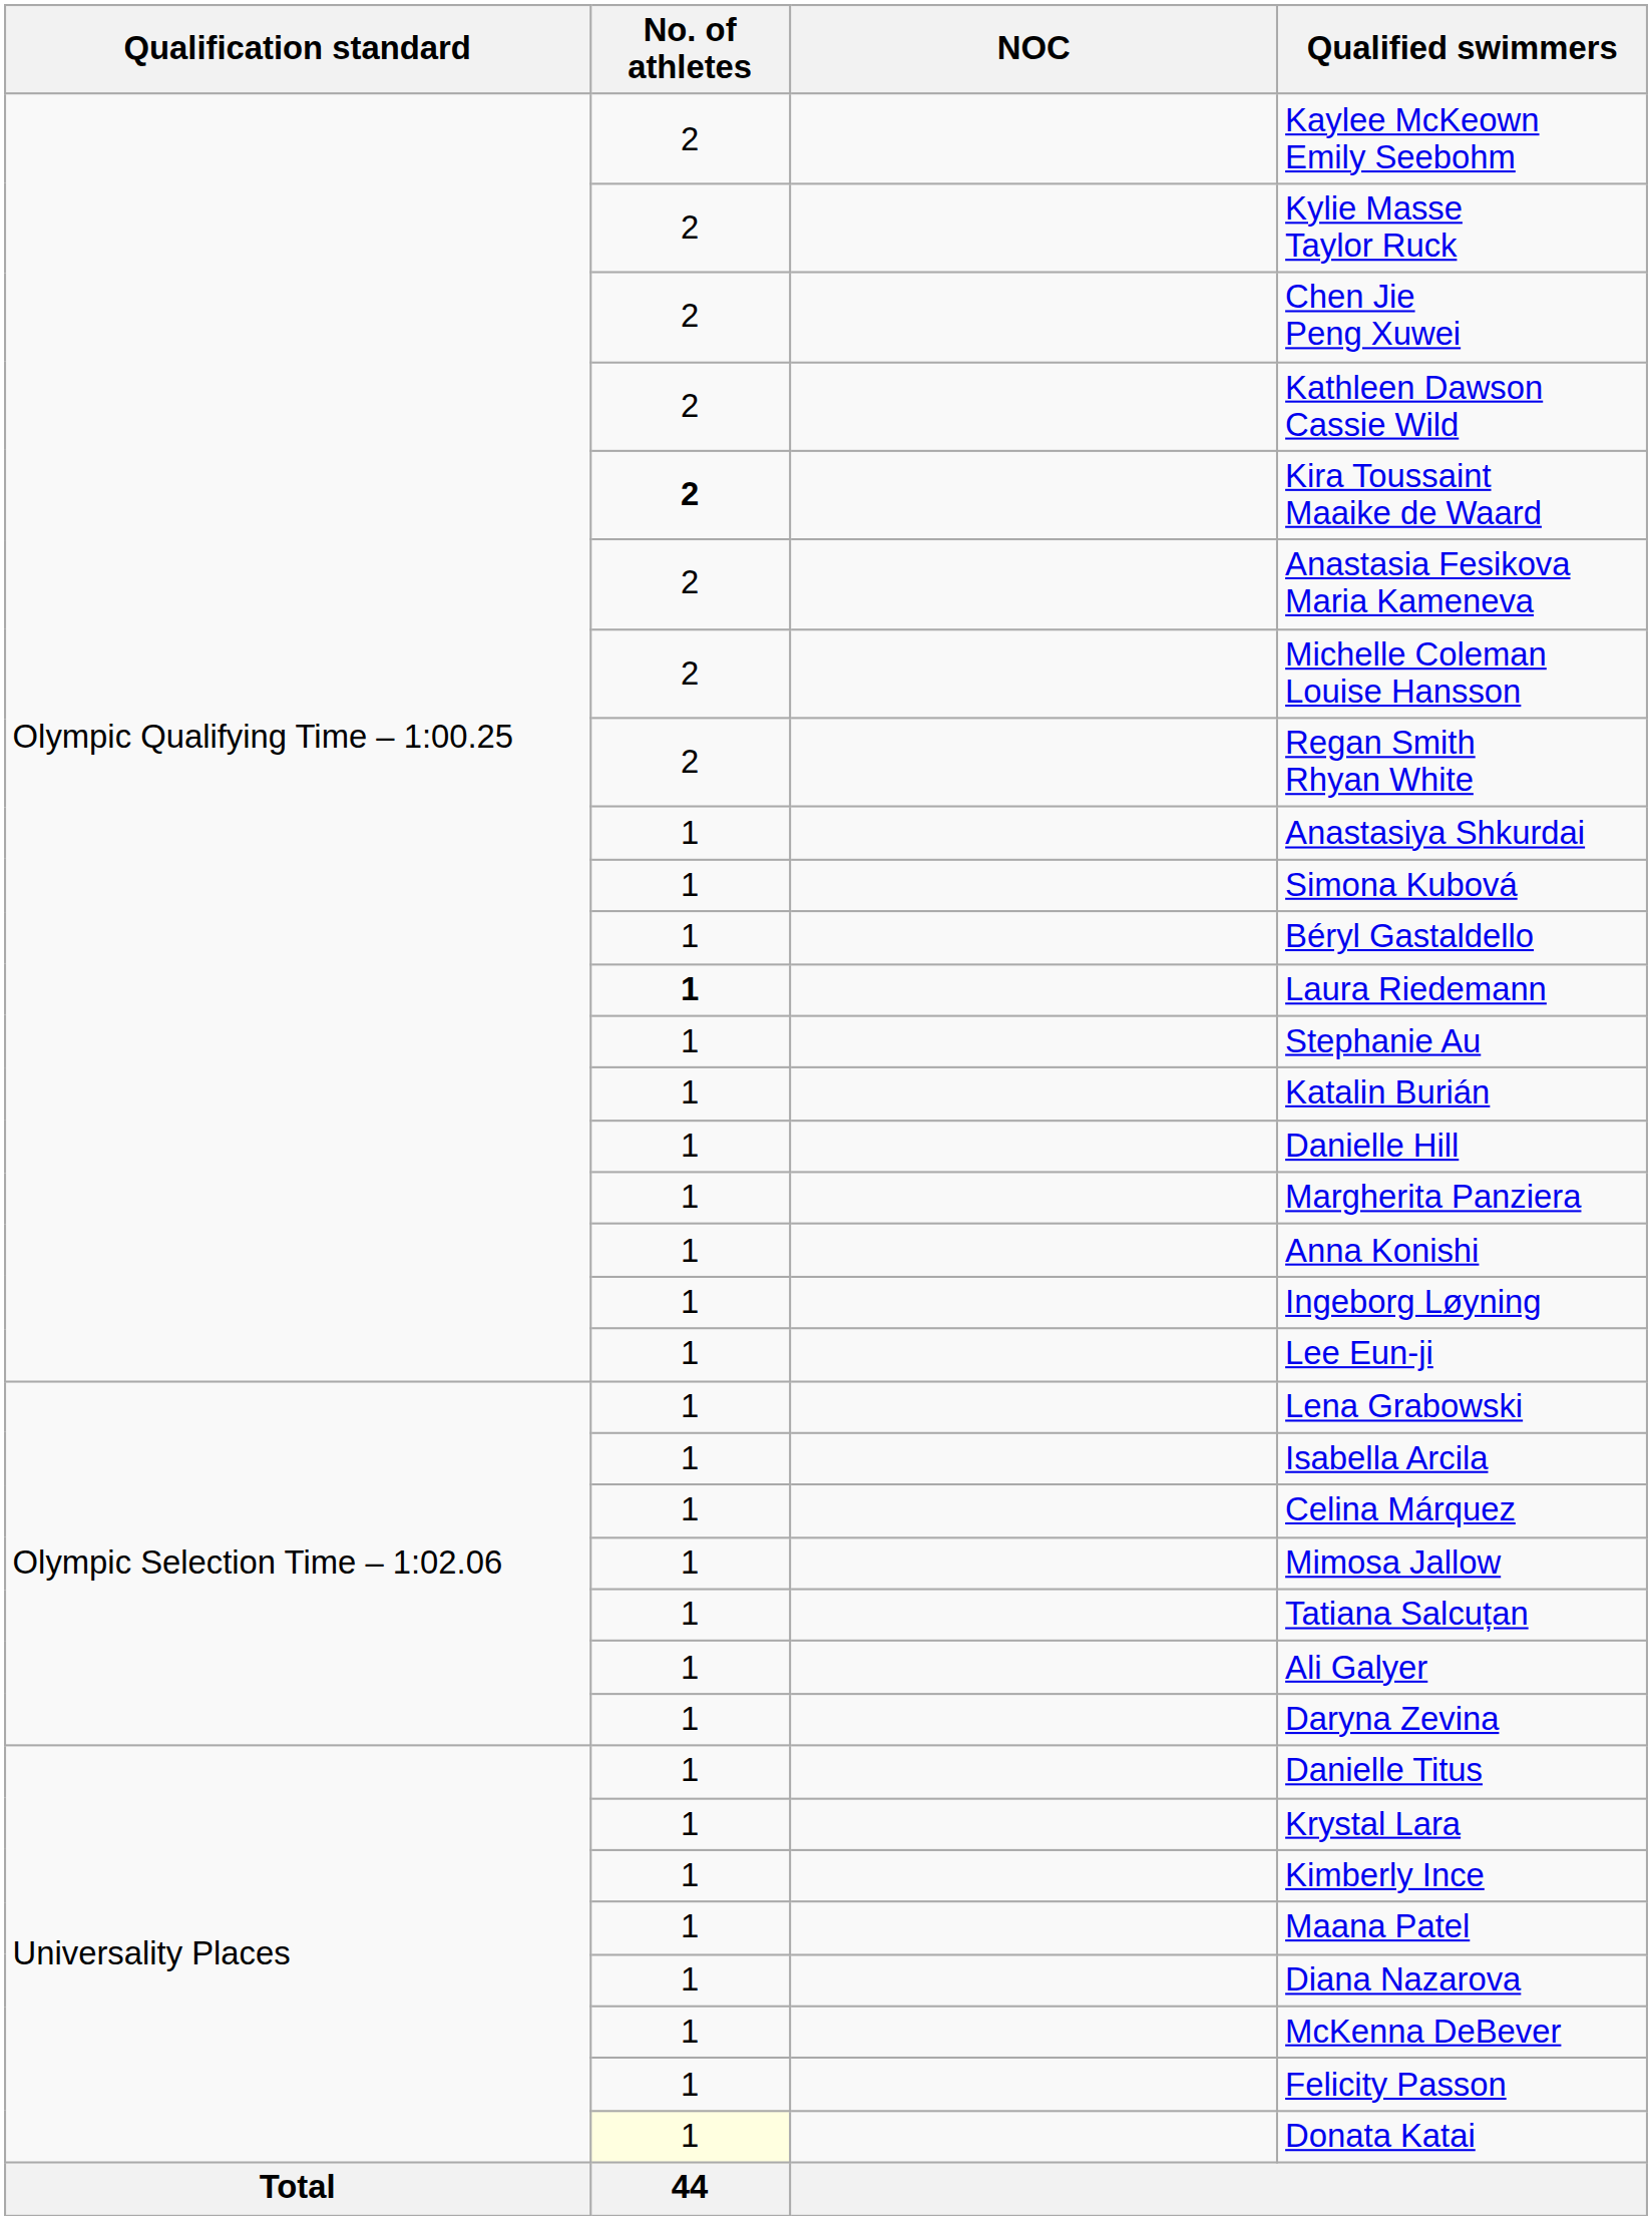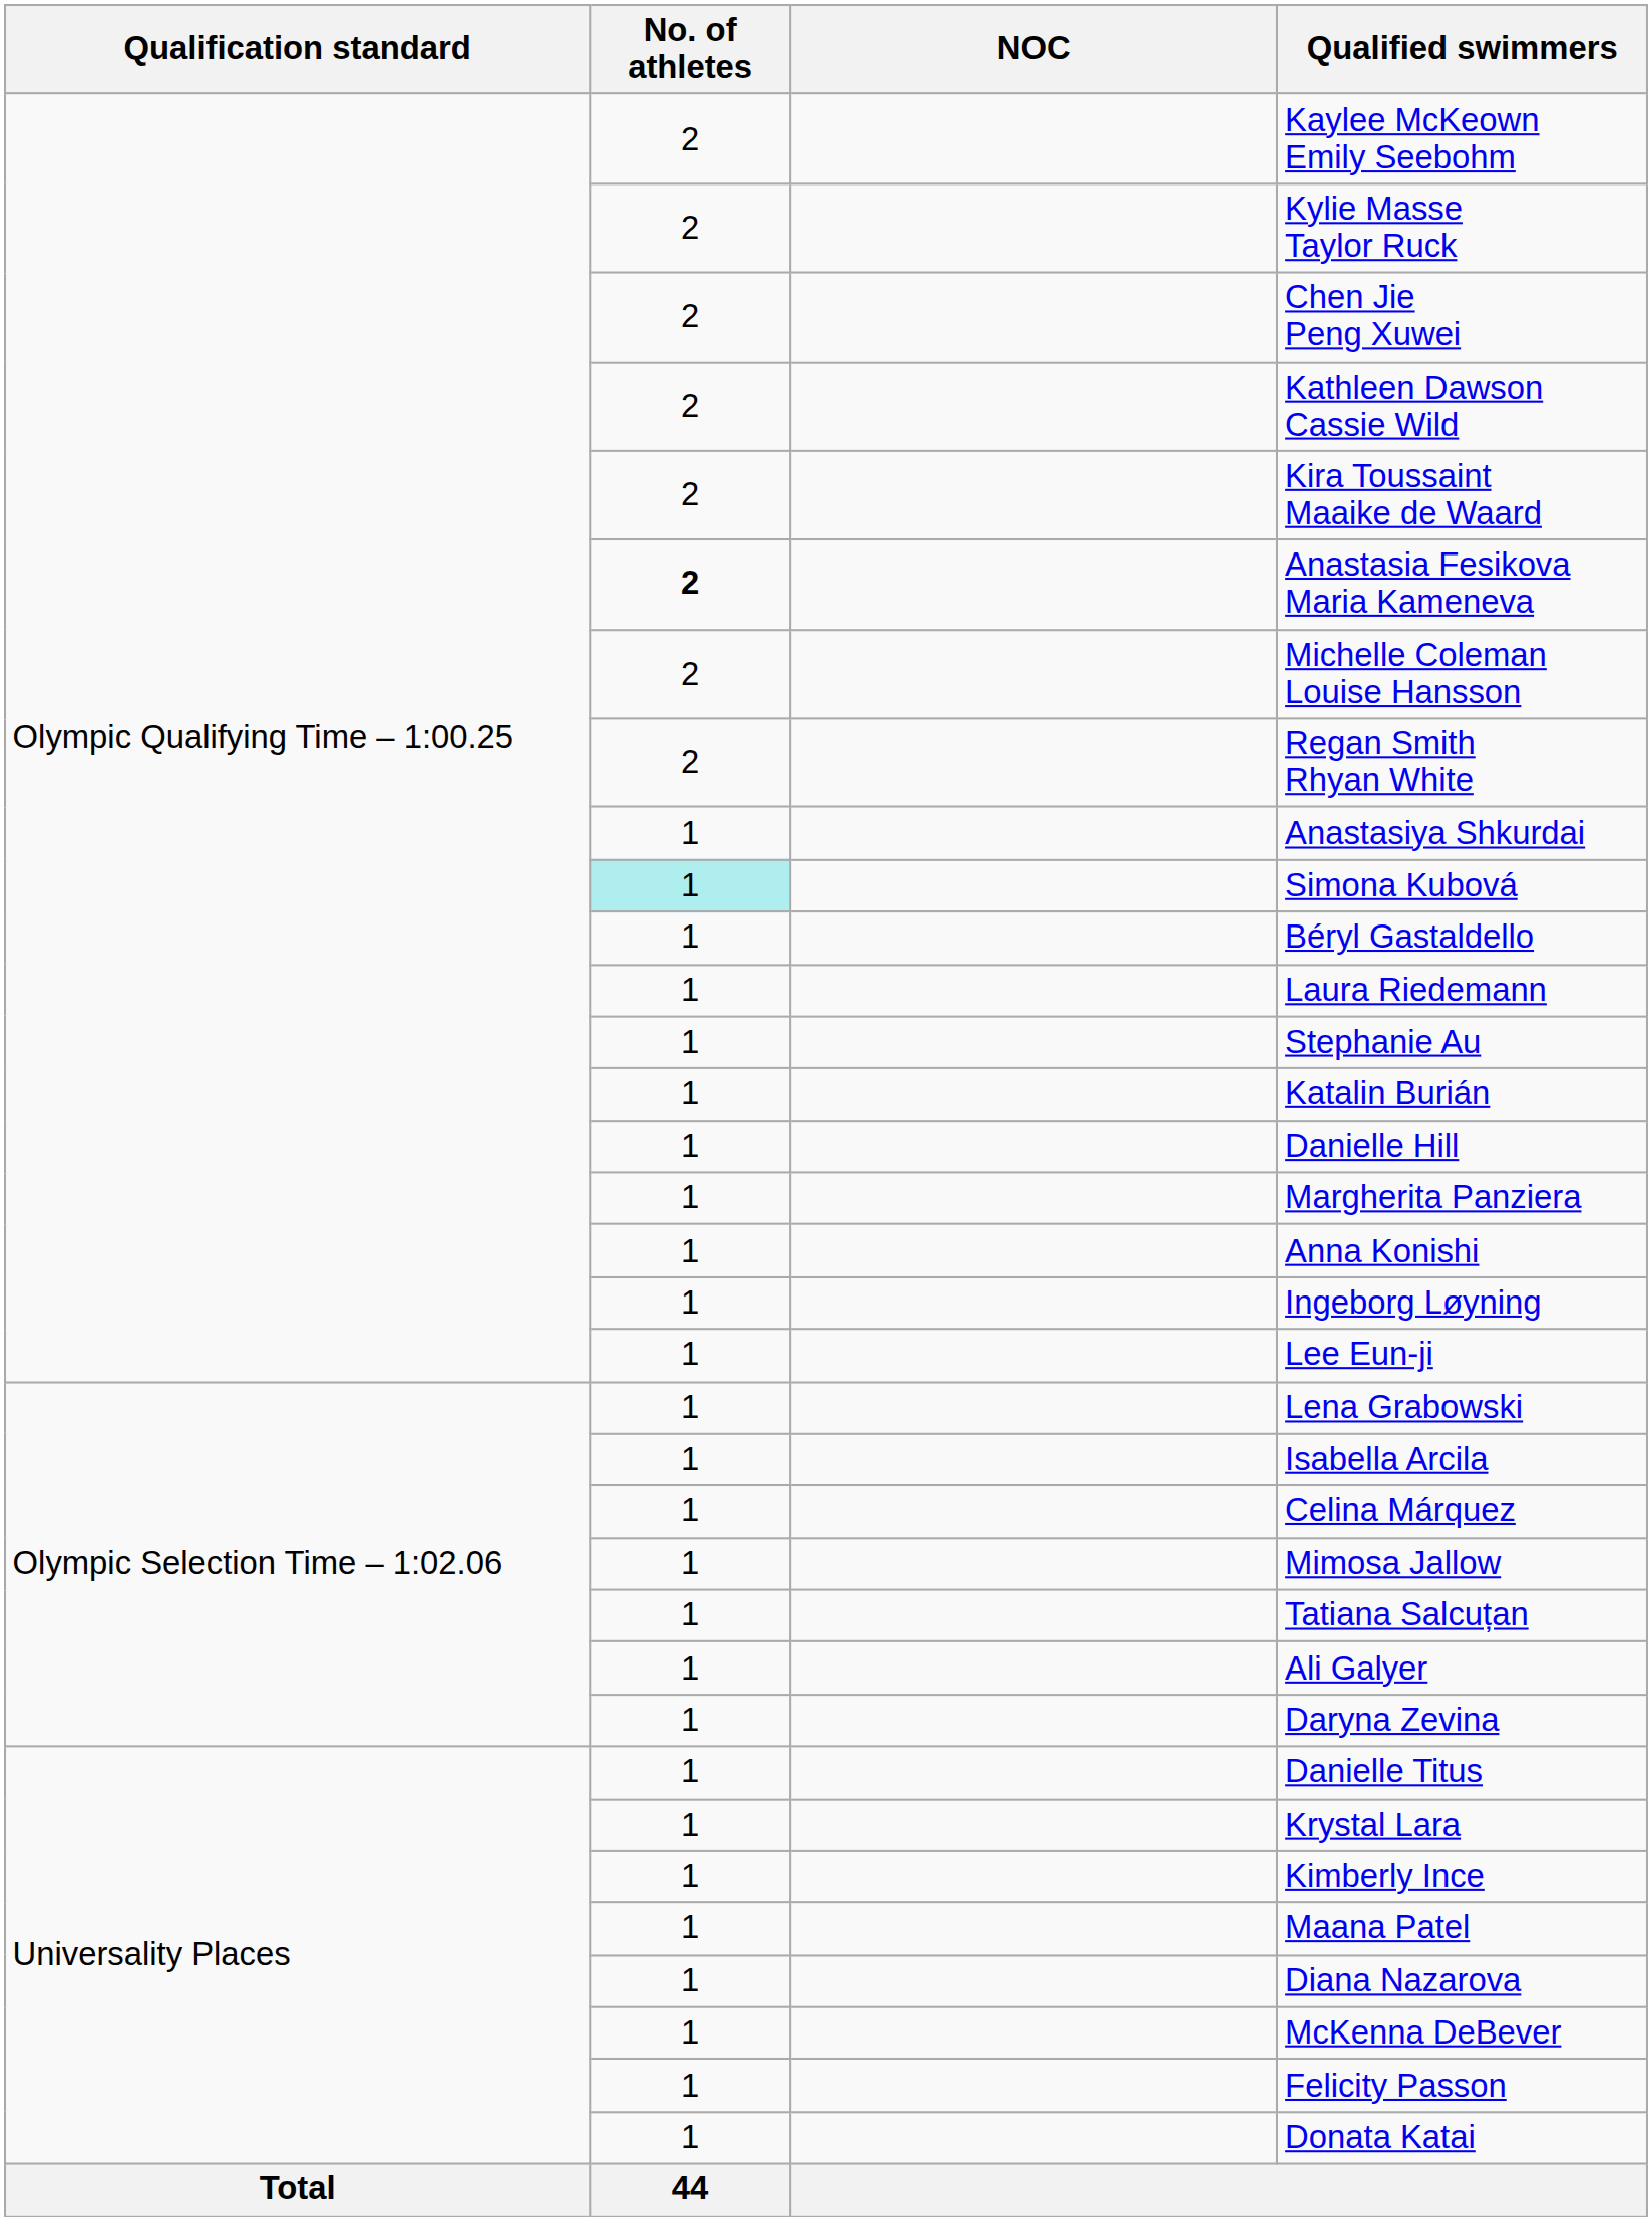 <table class=wikitable style="text-align:left" width=800>
 <tr>
 <th>Qualification standard</th>
 <th width=90>No. of athletes</th>
 <th width=230>NOC</th>
 <th>Qualified swimmers</th>
 </tr>
 <tr>
 <td rowspan=19>Olympic Qualifying Time – 1:00.25</td>
 <td align=center>2</td>
 <td></td>
 <td><a href='#'>Kaylee McKeown</a><br><a href='#'>Emily Seebohm</a></td>
 </tr>
 <tr>
 <td align=center>2</td>
 <td></td>
 <td><a href='#'>Kylie Masse</a><br><a href='#'>Taylor Ruck</a></td>
 </tr>
 <tr>
 <td align=center>2</td>
 <td></td>
 <td><a href='#'>Chen Jie</a><br><a href='#'>Peng Xuwei</a></td>
 </tr>
 <tr>
 <td align=center>2</td>
 <td></td>
 <td><a href='#'>Kathleen Dawson</a><br><a href='#'>Cassie Wild</a></td>
 </tr>
 <tr>
-<td align=center><strong>2</strong></td>
+<td align=center>2</td>
 <td></td>
 <td><a href='#'>Kira Toussaint</a><br><a href='#'>Maaike de Waard</a></td>
 </tr>
 <tr>
-<td align=center>2</td>
+<td align=center><strong>2</strong></td>
 <td></td>
 <td><a href='#'>Anastasia Fesikova</a><br><a href='#'>Maria Kameneva</a></td>
 </tr>
 <tr>
 <td align=center>2</td>
 <td></td>
 <td><a href='#'>Michelle Coleman</a><br><a href='#'>Louise Hansson</a></td>
 </tr>
 <tr>
 <td align=center>2</td>
 <td></td>
 <td><a href='#'>Regan Smith</a><br><a href='#'>Rhyan White</a></td>
 </tr>
 <tr>
 <td align=center>1</td>
 <td></td>
 <td><a href='#'>Anastasiya Shkurdai</a></td>
 </tr>
 <tr>
-<td align=center>1</td>
+<td align=center style="background: paleturquoise;">1</td>
 <td></td>
 <td><a href='#'>Simona Kubová</a></td>
 </tr>
 <tr>
 <td align=center>1</td>
 <td></td>
 <td><a href='#'>Béryl Gastaldello</a></td>
 </tr>
 <tr>
-<td align=center><strong>1</strong></td>
+<td align=center>1</td>
 <td></td>
 <td><a href='#'>Laura Riedemann</a></td>
 </tr>
 <tr>
 <td align=center>1</td>
 <td></td>
 <td><a href='#'>Stephanie Au</a></td>
 </tr>
 <tr>
 <td align=center>1</td>
 <td></td>
 <td><a href='#'>Katalin Burián</a></td>
 </tr>
 <tr>
 <td align=center>1</td>
 <td></td>
 <td><a href='#'>Danielle Hill</a></td>
 </tr>
 <tr>
 <td align=center>1</td>
 <td></td>
 <td><a href='#'>Margherita Panziera</a></td>
 </tr>
 <tr>
 <td align=center>1</td>
 <td></td>
 <td><a href='#'>Anna Konishi</a></td>
 </tr>
 <tr>
 <td align=center>1</td>
 <td></td>
 <td><a href='#'>Ingeborg Løyning</a></td>
 </tr>
 <tr>
 <td align=center>1</td>
 <td></td>
 <td><a href='#'>Lee Eun-ji</a></td>
 </tr>
 <tr>
 <td rowspan=7>Olympic Selection Time – 1:02.06</td>
 <td align=center>1</td>
 <td></td>
 <td><a href='#'>Lena Grabowski</a></td>
 </tr>
 <tr>
 <td align=center>1</td>
 <td></td>
 <td><a href='#'>Isabella Arcila</a></td>
 </tr>
 <tr>
 <td align=center>1</td>
 <td></td>
 <td><a href='#'>Celina Márquez</a></td>
 </tr>
 <tr>
 <td align=center>1</td>
 <td></td>
 <td><a href='#'>Mimosa Jallow</a></td>
 </tr>
 <tr>
 <td align=center>1</td>
 <td></td>
 <td><a href='#'>Tatiana Salcuțan</a></td>
 </tr>
 <tr>
 <td align=center>1</td>
 <td></td>
 <td><a href='#'>Ali Galyer</a></td>
 </tr>
 <tr>
 <td align=center>1</td>
 <td></td>
 <td><a href='#'>Daryna Zevina</a></td>
 </tr>
 <tr>
 <td rowspan=8>Universality Places</td>
 <td align=center>1</td>
 <td></td>
 <td><a href='#'>Danielle Titus</a></td>
 </tr>
 <tr>
 <td align=center>1</td>
 <td></td>
 <td><a href='#'>Krystal Lara</a></td>
 </tr>
 <tr>
 <td align=center>1</td>
 <td></td>
 <td><a href='#'>Kimberly Ince</a></td>
 </tr>
 <tr>
 <td align=center>1</td>
 <td></td>
 <td><a href='#'>Maana Patel</a></td>
 </tr>
 <tr>
 <td align=center>1</td>
 <td></td>
 <td><a href='#'>Diana Nazarova</a></td>
 </tr>
 <tr>
 <td align=center>1</td>
 <td></td>
 <td><a href='#'>McKenna DeBever</a></td>
 </tr>
 <tr>
 <td align=center>1</td>
 <td></td>
 <td><a href='#'>Felicity Passon</a></td>
 </tr>
 <tr>
-<td align=center style="background: lightyellow;">1</td>
+<td align=center>1</td>
 <td></td>
 <td><a href='#'>Donata Katai</a></td>
 </tr>
 <tr>
 <th><strong>Total</strong></th>
 <th>44</th>
 <th colspan=2></th>
 </tr>
 </table>
